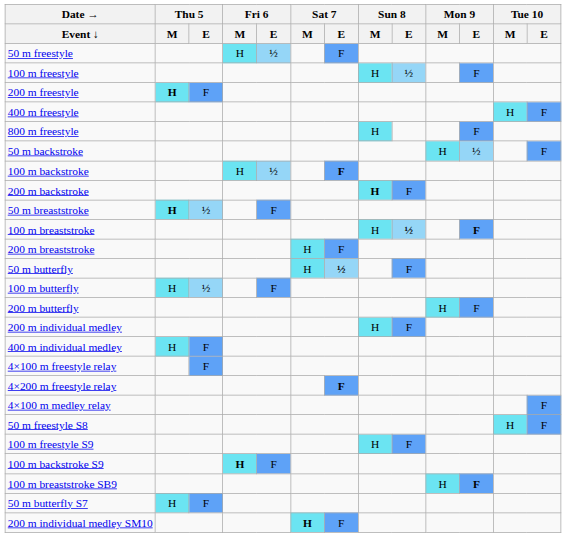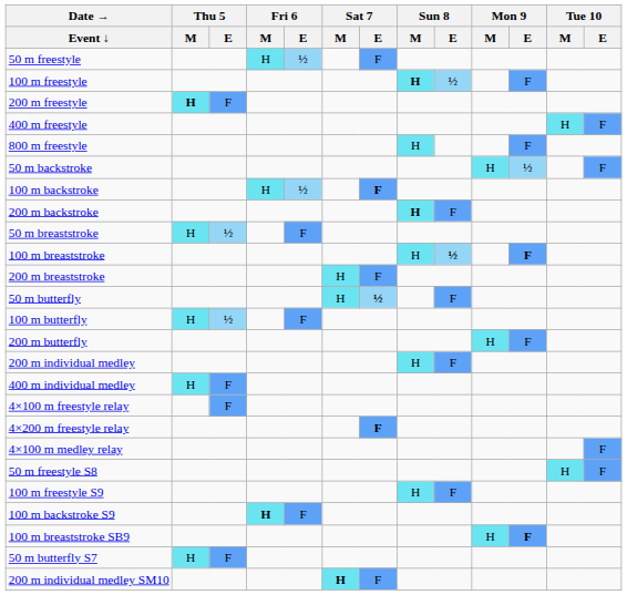 <table class="wikitable" style="margin:0.5em auto; font-size:95%; line-height:1.25em;">
 <tr style="text-align:center;">
 <th>Date →</th>
 <th colspan="2">Thu 5</th>
 <th colspan="2">Fri 6</th>
 <th colspan="2">Sat 7</th>
 <th colspan="2">Sun 8</th>
 <th colspan="2">Mon 9</th>
 <th colspan="2">Tue 10</th>
 </tr>
 <tr>
 <th>Event ↓</th>
 <th style="width:2.5em;">M</th>
 <th style="width:2.5em;">E</th>
 <th style="width:2.5em;">M</th>
 <th style="width:2.5em;">E</th>
 <th style="width:2.5em;">M</th>
 <th style="width:2.5em;">E</th>
 <th style="width:2.5em;">M</th>
 <th style="width:2.5em;">E</th>
 <th style="width:2.5em;">M</th>
 <th style="width:2.5em;">E</th>
 <th style="width:2.5em;">M</th>
 <th style="width:2.5em;">E</th>
 </tr>
 <tr style="text-align:center;">
 <td style="text-align:left;"><a href='#'>50 m freestyle</a></td>
 <td colspan="2"></td>
 <td style="background-color:#6be4f2;">H</td>
 <td style="background-color:#95d6f7;">½</td>
 <td></td>
 <td style="background-color:#5ea2f7;">F</td>
 <td colspan="2"></td>
 <td colspan="2"></td>
 <td colspan="2"></td>
 </tr>
 <tr style="text-align:center;">
 <td style="text-align:left;"><a href='#'>100 m freestyle</a></td>
 <td colspan="2"></td>
 <td colspan="2"></td>
 <td colspan="2"></td>
-<td style="background-color:#6be4f2;">H</td>
+<td style="background-color:#6be4f2;"><strong>H</strong></td>
 <td style="background-color:#95d6f7;">½</td>
 <td></td>
 <td style="background-color:#5ea2f7;">F</td>
 <td colspan="2"></td>
 </tr>
 <tr style="text-align:center;">
 <td style="text-align:left;"><a href='#'>200 m freestyle</a></td>
 <td style="background-color:#6be4f2;"><strong>H</strong></td>
 <td style="background-color:#5ea2f7;">F</td>
 <td colspan="2"></td>
 <td colspan="2"></td>
 <td colspan="2"></td>
 <td colspan="2"></td>
 <td colspan="2"></td>
 </tr>
 <tr style="text-align:center;">
 <td style="text-align:left;"><a href='#'>400 m freestyle</a></td>
 <td colspan="2"></td>
 <td colspan="2"></td>
 <td colspan="2"></td>
 <td colspan="2"></td>
 <td colspan="2"></td>
 <td style="background-color:#6be4f2;">H</td>
 <td style="background-color:#5ea2f7;">F</td>
 </tr>
 <tr style="text-align:center;">
 <td style="text-align:left;"><a href='#'>800 m freestyle</a></td>
 <td colspan="2"></td>
 <td colspan="2"></td>
 <td colspan="2"></td>
 <td style="background-color:#6be4f2;">H</td>
 <td></td>
 <td></td>
 <td style="background-color:#5ea2f7;">F</td>
 <td colspan="2"></td>
 </tr>
 <tr style="text-align:center;">
 <td style="text-align:left;"><a href='#'>50 m backstroke</a></td>
 <td colspan="2"></td>
 <td colspan="2"></td>
 <td colspan="2"></td>
 <td colspan="2"></td>
 <td style="background-color:#6be4f2;">H</td>
 <td style="background-color:#95d6f7;">½</td>
 <td></td>
 <td style="background-color:#5ea2f7;">F</td>
 </tr>
 <tr style="text-align:center;">
 <td style="text-align:left;"><a href='#'>100 m backstroke</a></td>
 <td colspan="2"></td>
 <td style="background-color:#6be4f2;">H</td>
 <td style="background-color:#95d6f7;">½</td>
 <td></td>
 <td style="background-color:#5ea2f7;"><strong>F</strong></td>
 <td colspan="2"></td>
 <td colspan="2"></td>
 <td colspan="2"></td>
 </tr>
 <tr style="text-align:center;">
 <td style="text-align:left;"><a href='#'>200 m backstroke</a></td>
 <td colspan="2"></td>
 <td colspan="2"></td>
 <td colspan="2"></td>
 <td style="background-color:#6be4f2;"><strong>H</strong></td>
 <td style="background-color:#5ea2f7;">F</td>
 <td colspan="2"></td>
 <td colspan="2"></td>
 </tr>
 <tr style="text-align:center;">
 <td style="text-align:left;"><a href='#'>50 m breaststroke</a></td>
-<td style="background-color:#6be4f2;"><strong>H</strong></td>
+<td style="background-color:#6be4f2;">H</td>
 <td style="background-color:#95d6f7;">½</td>
 <td></td>
 <td style="background-color:#5ea2f7;">F</td>
 <td colspan="2"></td>
 <td colspan="2"></td>
 <td colspan="2"></td>
 <td colspan="2"></td>
 </tr>
 <tr style="text-align:center;">
 <td style="text-align:left;"><a href='#'>100 m breaststroke</a></td>
 <td colspan="2"></td>
 <td colspan="2"></td>
 <td colspan="2"></td>
 <td style="background-color:#6be4f2;">H</td>
 <td style="background-color:#95d6f7;"><strong>½</strong></td>
 <td></td>
 <td style="background-color:#5ea2f7;"><strong>F</strong></td>
 <td colspan="2"></td>
 </tr>
 <tr style="text-align:center;">
 <td style="text-align:left;"><a href='#'>200 m breaststroke</a></td>
 <td colspan="2"></td>
 <td colspan="2"></td>
 <td style="background-color:#6be4f2;">H</td>
 <td style="background-color:#5ea2f7;">F</td>
 <td colspan="2"></td>
 <td colspan="2"></td>
 <td colspan="2"></td>
 </tr>
 <tr style="text-align:center;">
 <td style="text-align:left;"><a href='#'>50 m butterfly</a></td>
 <td colspan="2"></td>
 <td colspan="2"></td>
 <td style="background-color:#6be4f2;">H</td>
 <td style="background-color:#95d6f7;"><strong>½</strong></td>
 <td></td>
 <td style="background-color:#5ea2f7;">F</td>
 <td colspan="2"></td>
 <td colspan="2"></td>
 </tr>
 <tr style="text-align:center;">
 <td style="text-align:left;"><a href='#'>100 m butterfly</a></td>
 <td style="background-color:#6be4f2;">H</td>
 <td style="background-color:#95d6f7;">½</td>
 <td></td>
 <td style="background-color:#5ea2f7;">F</td>
 <td colspan="2"></td>
 <td colspan="2"></td>
 <td colspan="2"></td>
 <td colspan="2"></td>
 </tr>
 <tr style="text-align:center;">
 <td style="text-align:left;"><a href='#'>200 m butterfly</a></td>
 <td colspan="2"></td>
 <td colspan="2"></td>
 <td colspan="2"></td>
 <td colspan="2"></td>
 <td style="background-color:#6be4f2;">H</td>
 <td style="background-color:#5ea2f7;">F</td>
 <td colspan="2"></td>
 </tr>
 <tr style="text-align:center;">
 <td style="text-align:left;"><a href='#'>200 m individual medley</a></td>
 <td colspan="2"></td>
 <td colspan="2"></td>
 <td colspan="2"></td>
 <td style="background-color:#6be4f2;">H</td>
 <td style="background-color:#5ea2f7;">F</td>
 <td colspan="2"></td>
 <td colspan="2"></td>
 </tr>
 <tr style="text-align:center;">
 <td style="text-align:left;"><a href='#'>400 m individual medley</a></td>
 <td style="background-color:#6be4f2;">H</td>
 <td style="background-color:#5ea2f7;">F</td>
 <td colspan="2"></td>
 <td colspan="2"></td>
 <td colspan="2"></td>
 <td colspan="2"></td>
 <td colspan="2"></td>
 </tr>
 <tr style="text-align:center;">
 <td style="text-align:left;"><a href='#'>4×100 m freestyle relay</a></td>
 <td></td>
 <td style="background-color:#5ea2f7;">F</td>
 <td colspan="2"></td>
 <td colspan="2"></td>
 <td colspan="2"></td>
 <td colspan="2"></td>
 <td colspan="2"></td>
 </tr>
 <tr style="text-align:center;">
 <td style="text-align:left;"><a href='#'>4×200 m freestyle relay</a></td>
 <td colspan="2"></td>
 <td colspan="2"></td>
 <td></td>
 <td style="background-color:#5ea2f7;"><strong>F</strong></td>
 <td colspan="2"></td>
 <td colspan="2"></td>
 <td colspan="2"></td>
 </tr>
 <tr style="text-align:center;">
 <td style="text-align:left;"><a href='#'>4×100 m medley relay</a></td>
 <td colspan="2"></td>
 <td colspan="2"></td>
 <td colspan="2"></td>
 <td colspan="2"></td>
 <td colspan="2"></td>
 <td></td>
 <td style="background-color:#5ea2f7;">F</td>
 </tr>
 <tr style="text-align:center;">
 <td style="text-align:left;"><a href='#'>50 m freestyle S8</a></td>
 <td colspan="2"></td>
 <td colspan="2"></td>
 <td colspan="2"></td>
 <td colspan="2"></td>
 <td colspan="2"></td>
 <td style="background-color:#6be4f2;">H</td>
 <td style="background-color:#5ea2f7;">F</td>
 </tr>
 <tr style="text-align:center;">
 <td style="text-align:left;"><a href='#'>100 m freestyle S9</a></td>
 <td colspan="2"></td>
 <td colspan="2"></td>
 <td colspan="2"></td>
 <td style="background-color:#6be4f2;">H</td>
 <td style="background-color:#5ea2f7;">F</td>
 <td colspan="2"></td>
 <td colspan="2"></td>
 </tr>
 <tr style="text-align:center;">
 <td style="text-align:left;"><a href='#'>100 m backstroke S9</a></td>
 <td colspan="2"></td>
 <td style="background-color:#6be4f2;"><strong>H</strong></td>
 <td style="background-color:#5ea2f7;">F</td>
 <td colspan="2"></td>
 <td colspan="2"></td>
 <td colspan="2"></td>
 <td colspan="2"></td>
 </tr>
 <tr style="text-align:center;">
 <td style="text-align:left;"><a href='#'>100 m breaststroke SB9</a></td>
 <td colspan="2"></td>
 <td colspan="2"></td>
 <td colspan="2"></td>
 <td colspan="2"></td>
 <td style="background-color:#6be4f2;">H</td>
 <td style="background-color:#5ea2f7;"><strong>F</strong></td>
 <td colspan="2"></td>
 </tr>
 <tr style="text-align:center;">
 <td style="text-align:left;"><a href='#'>50 m butterfly S7</a></td>
 <td style="background-color:#6be4f2;">H</td>
 <td style="background-color:#5ea2f7;">F</td>
 <td colspan="2"></td>
 <td colspan="2"></td>
 <td colspan="2"></td>
 <td colspan="2"></td>
 <td colspan="2"></td>
 </tr>
 <tr style="text-align:center;">
 <td style="text-align:left;"><a href='#'>200 m individual medley SM10</a></td>
 <td colspan="2"></td>
 <td colspan="2"></td>
 <td style="background-color:#6be4f2;"><strong>H</strong></td>
 <td style="background-color:#5ea2f7;">F</td>
 <td colspan="2"></td>
 <td colspan="2"></td>
 <td colspan="2"></td>
 </tr>
 </table>
